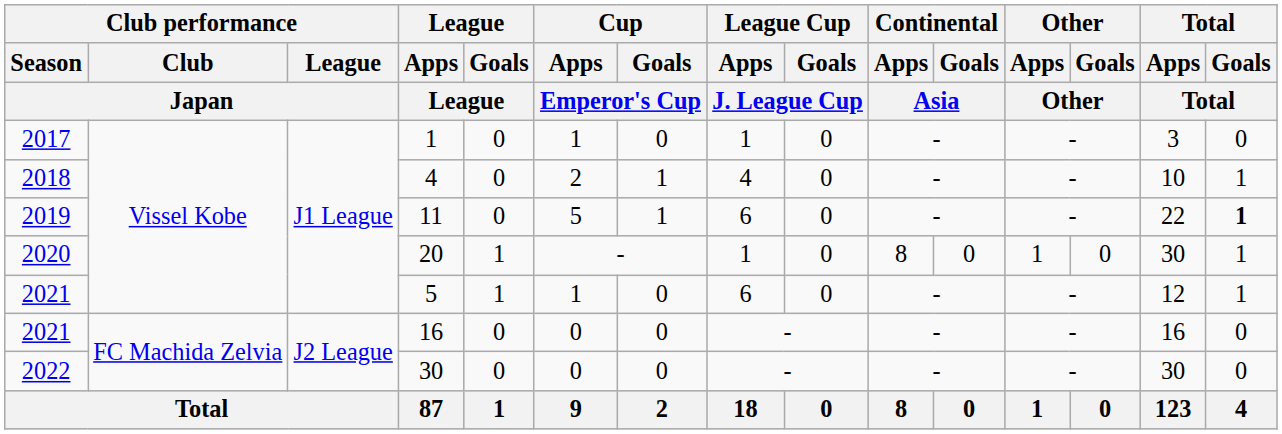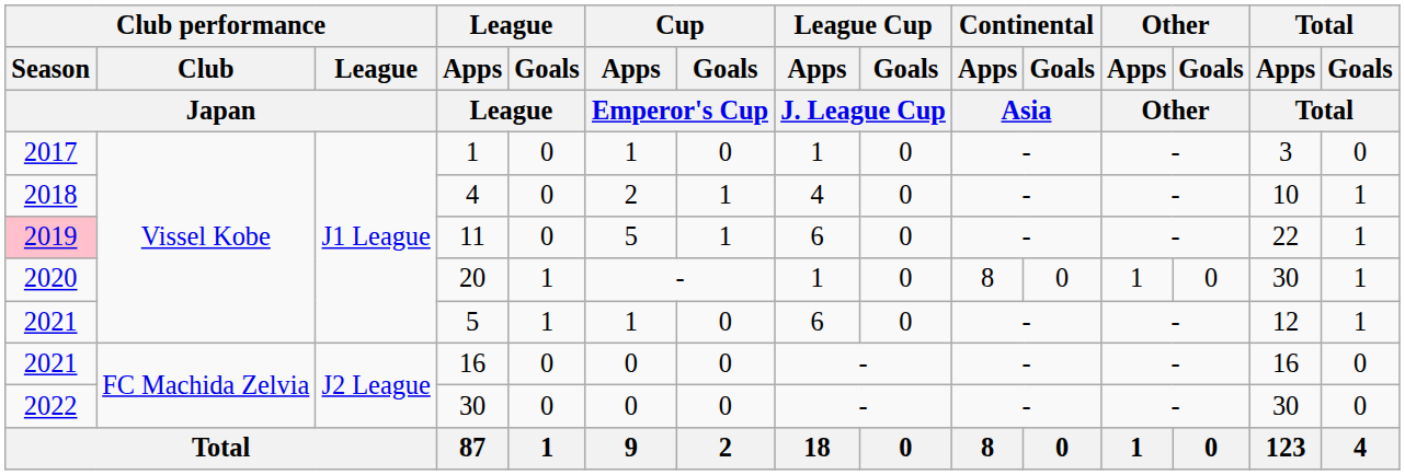 <table class="wikitable" style="text-align:center;">
 <tr>
 <th colspan=3>Club performance</th>
 <th colspan=2>League</th>
 <th colspan=2>Cup</th>
 <th colspan=2>League Cup</th>
 <th colspan=2>Continental</th>
 <th colspan=2>Other</th>
 <th colspan=2>Total</th>
 </tr>
 <tr>
 <th>Season</th>
 <th>Club</th>
 <th>League</th>
 <th>Apps</th>
 <th>Goals</th>
 <th>Apps</th>
 <th>Goals</th>
 <th>Apps</th>
 <th>Goals</th>
 <th>Apps</th>
 <th>Goals</th>
 <th>Apps</th>
 <th>Goals</th>
 <th>Apps</th>
 <th>Goals</th>
 </tr>
 <tr>
 <th colspan=3>Japan</th>
 <th colspan=2>League</th>
 <th colspan=2><a href='#'>Emperor's Cup</a></th>
 <th colspan=2><a href='#'>J. League Cup</a></th>
 <th colspan=2><a href='#'>Asia</a></th>
 <th colspan=2>Other</th>
 <th colspan=2>Total</th>
 </tr>
 <tr>
 <td><a href='#'>2017</a></td>
 <td rowspan="5"><a href='#'>Vissel Kobe</a></td>
 <td rowspan="5"><a href='#'>J1 League</a></td>
 <td>1</td>
 <td>0</td>
 <td>1</td>
 <td>0</td>
 <td>1</td>
 <td>0</td>
 <td colspan=2>-</td>
 <td colspan=2>-</td>
 <td>3</td>
 <td>0</td>
 </tr>
 <tr>
 <td><a href='#'>2018</a></td>
 <td>4</td>
 <td>0</td>
 <td>2</td>
 <td>1</td>
 <td>4</td>
 <td>0</td>
 <td colspan=2>-</td>
 <td colspan=2>-</td>
 <td>10</td>
 <td>1</td>
 </tr>
 <tr>
-<td><a href='#'>2019</a></td>
+<td style="background: pink;"><a href='#'>2019</a></td>
 <td>11</td>
 <td>0</td>
 <td>5</td>
 <td>1</td>
 <td>6</td>
 <td>0</td>
 <td colspan=2>-</td>
 <td colspan=2>-</td>
 <td>22</td>
-<td><strong>1</strong></td>
+<td>1</td>
 </tr>
 <tr>
 <td><a href='#'>2020</a></td>
 <td>20</td>
 <td>1</td>
 <td colspan=2>-</td>
 <td>1</td>
 <td>0</td>
 <td>8</td>
 <td>0</td>
 <td>1</td>
 <td>0</td>
 <td>30</td>
 <td>1</td>
 </tr>
 <tr>
 <td><a href='#'>2021</a></td>
 <td>5</td>
 <td>1</td>
 <td>1</td>
 <td>0</td>
 <td>6</td>
 <td>0</td>
 <td colspan=2>-</td>
 <td colspan=2>-</td>
 <td>12</td>
 <td>1</td>
 </tr>
 <tr>
 <td><a href='#'>2021</a></td>
 <td rowspan="2"><a href='#'>FC Machida Zelvia</a></td>
 <td rowspan="2"><a href='#'>J2 League</a></td>
 <td>16</td>
 <td>0</td>
 <td>0</td>
 <td>0</td>
 <td colspan=2>-</td>
 <td colspan=2>-</td>
 <td colspan=2>-</td>
 <td>16</td>
 <td>0</td>
 </tr>
 <tr>
 <td><a href='#'>2022</a></td>
 <td>30</td>
 <td>0</td>
 <td>0</td>
 <td>0</td>
 <td colspan=2>-</td>
 <td colspan=2>-</td>
 <td colspan=2>-</td>
 <td>30</td>
 <td>0</td>
 </tr>
 <tr>
 <th colspan=3>Total</th>
 <th>87</th>
 <th>1</th>
 <th>9</th>
 <th>2</th>
 <th>18</th>
 <th>0</th>
 <th>8</th>
 <th>0</th>
 <th>1</th>
 <th>0</th>
 <th>123</th>
 <th>4</th>
 </tr>
 </table>
